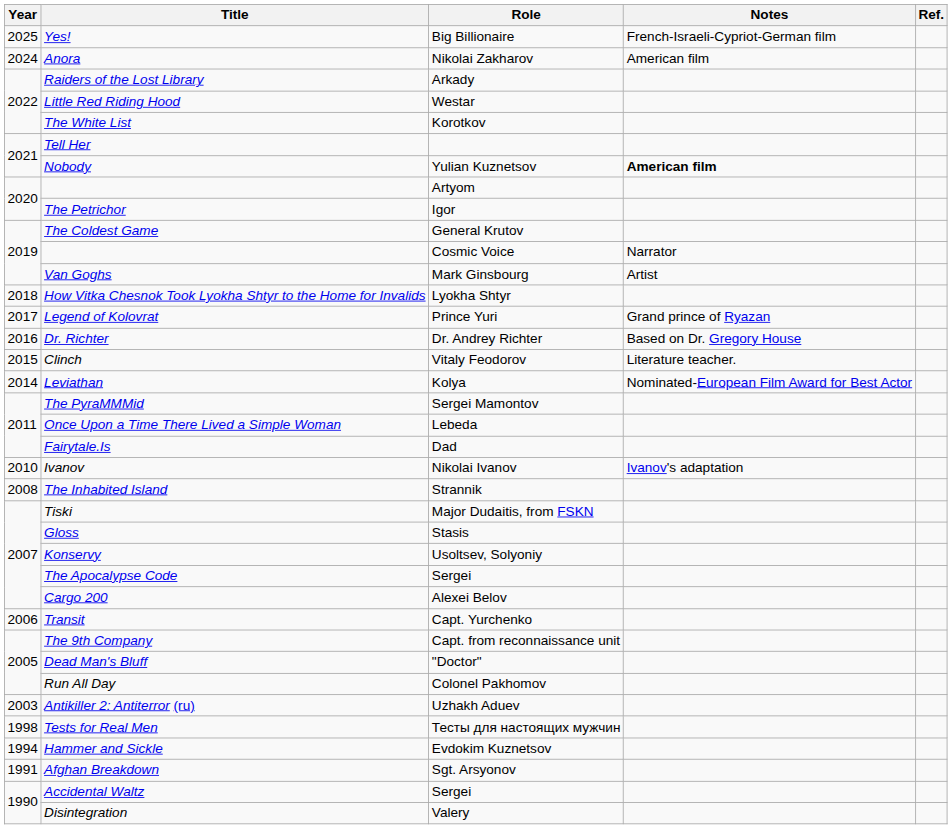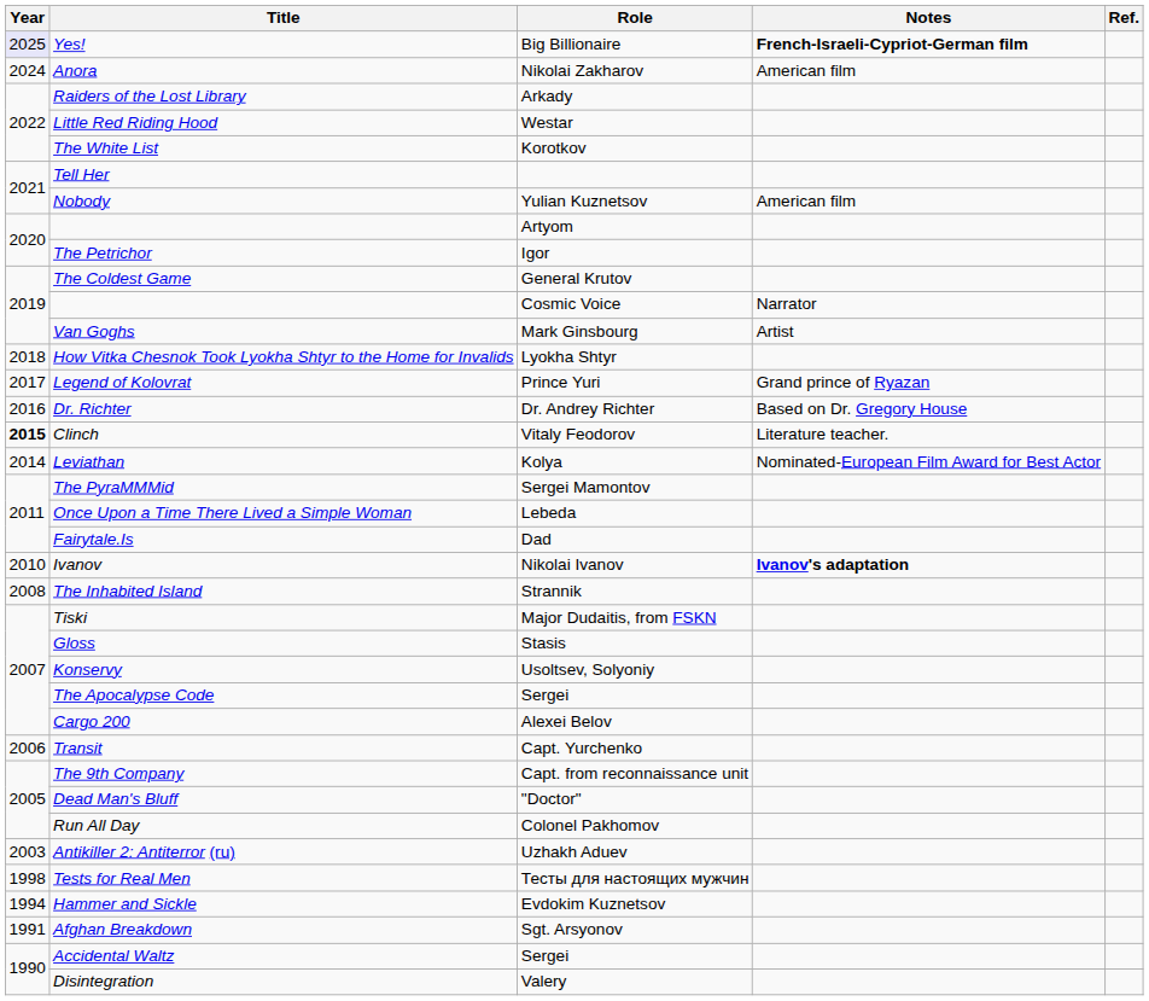 <table class="wikitable sortable">
 <tr>
 <th>Year</th>
 <th>Title</th>
 <th>Role</th>
 <th class="unsortable">Notes</th>
 <th>Ref.</th>
 </tr>
 <tr>
-<td>2025</td>
+<td style="background: lavender;">2025</td>
 <td><em><a href='#'>Yes!</a></em></td>
 <td>Big Billionaire</td>
-<td>French-Israeli-Cypriot-German film</td>
+<td><strong>French-Israeli-Cypriot-German film</strong></td>
 <td></td>
 </tr>
 <tr>
 <td>2024</td>
 <td><em><a href='#'>Anora</a></em></td>
 <td>Nikolai Zakharov</td>
 <td>American film</td>
 <td></td>
 </tr>
 <tr>
 <td rowspan="3">2022</td>
 <td><em><a href='#'>Raiders of the Lost Library</a></em></td>
 <td>Arkady</td>
 <td></td>
 <td></td>
 </tr>
 <tr>
 <td><em><a href='#'>Little Red Riding Hood</a></em></td>
 <td>Westar</td>
 <td></td>
 <td></td>
 </tr>
 <tr>
 <td><em><a href='#'>The White List</a></em></td>
 <td>Korotkov</td>
 <td></td>
 <td></td>
 </tr>
 <tr>
 <td rowspan="2">2021</td>
 <td><em><a href='#'>Tell Her</a></em></td>
 <td></td>
 <td></td>
 <td></td>
 </tr>
 <tr>
 <td><em><a href='#'>Nobody</a></em></td>
 <td>Yulian Kuznetsov</td>
-<td><strong>American film</strong></td>
+<td>American film</td>
 <td></td>
 </tr>
 <tr>
 <td rowspan="2">2020</td>
 <td><em></em></td>
 <td>Artyom</td>
 <td></td>
 <td></td>
 </tr>
 <tr>
 <td><em><a href='#'>The Petrichor</a></em></td>
 <td>Igor</td>
 <td></td>
 <td></td>
 </tr>
 <tr>
 <td rowspan="3">2019</td>
 <td><em><a href='#'>The Coldest Game</a></em></td>
 <td>General Krutov</td>
 <td></td>
 <td></td>
 </tr>
 <tr>
 <td><em></em></td>
 <td>Cosmic Voice</td>
 <td>Narrator</td>
 <td></td>
 </tr>
 <tr>
 <td><em><a href='#'>Van Goghs</a></em></td>
 <td>Mark Ginsbourg</td>
 <td>Artist</td>
 <td></td>
 </tr>
 <tr>
 <td>2018</td>
 <td><em><a href='#'>How Vitka Chesnok Took Lyokha Shtyr to the Home for Invalids</a></em></td>
 <td>Lyokha Shtyr</td>
 <td></td>
 <td></td>
 </tr>
 <tr>
 <td>2017</td>
 <td><em><a href='#'>Legend of Kolovrat</a></em></td>
 <td>Prince Yuri</td>
 <td>Grand prince of <a href='#'>Ryazan</a></td>
 <td></td>
 </tr>
 <tr>
 <td>2016</td>
 <td><em><a href='#'>Dr. Richter</a></em></td>
 <td>Dr. Andrey Richter</td>
 <td>Based on Dr. <a href='#'>Gregory House</a></td>
 <td></td>
 </tr>
 <tr>
-<td>2015</td>
+<td><strong>2015</strong></td>
 <td><em>Clinch</em></td>
 <td>Vitaly Feodorov</td>
 <td>Literature teacher.</td>
 <td></td>
 </tr>
 <tr>
 <td>2014</td>
 <td><em><a href='#'>Leviathan</a></em></td>
 <td>Kolya</td>
 <td>Nominated-<a href='#'>European Film Award for Best Actor</a></td>
 <td></td>
 </tr>
 <tr>
 <td rowspan="3">2011</td>
 <td><em><a href='#'>The PyraMMMid</a></em></td>
 <td>Sergei Mamontov</td>
 <td></td>
 <td></td>
 </tr>
 <tr>
 <td><em><a href='#'>Once Upon a Time There Lived a Simple Woman</a></em></td>
 <td>Lebeda</td>
 <td></td>
 <td></td>
 </tr>
 <tr>
 <td><em><a href='#'>Fairytale.Is</a></em></td>
 <td>Dad</td>
 <td></td>
 <td></td>
 </tr>
 <tr>
 <td>2010</td>
 <td><em>Ivanov</em></td>
 <td>Nikolai Ivanov</td>
-<td><a href='#'>Ivanov</a>'s adaptation</td>
+<td><strong><a href='#'>Ivanov</a>'s adaptation</strong></td>
 <td></td>
 </tr>
 <tr>
 <td>2008</td>
 <td><em><a href='#'>The Inhabited Island</a></em></td>
 <td>Strannik</td>
 <td></td>
 <td></td>
 </tr>
 <tr>
 <td rowspan="5">2007</td>
 <td><em>Tiski</em></td>
 <td>Major Dudaitis, from <a href='#'>FSKN</a></td>
 <td></td>
 <td></td>
 </tr>
 <tr>
 <td><em><a href='#'>Gloss</a></em></td>
 <td>Stasis</td>
 <td></td>
 <td></td>
 </tr>
 <tr>
 <td><em><a href='#'>Konservy</a></em></td>
 <td>Usoltsev, Solyoniy</td>
 <td></td>
 <td></td>
 </tr>
 <tr>
 <td><em><a href='#'>The Apocalypse Code</a></em></td>
 <td>Sergei</td>
 <td></td>
 <td></td>
 </tr>
 <tr>
 <td><em><a href='#'>Cargo 200</a></em></td>
 <td>Alexei Belov</td>
 <td></td>
 <td></td>
 </tr>
 <tr>
 <td>2006</td>
 <td><em><a href='#'>Transit</a></em></td>
 <td>Capt. Yurchenko</td>
 <td></td>
 <td></td>
 </tr>
 <tr>
 <td rowspan="3">2005</td>
 <td><em><a href='#'>The 9th Company</a></em></td>
 <td>Capt. from reconnaissance unit</td>
 <td></td>
 <td></td>
 </tr>
 <tr>
 <td><em><a href='#'>Dead Man's Bluff</a></em></td>
 <td>"Doctor"</td>
 <td></td>
 <td></td>
 </tr>
 <tr>
 <td><em>Run All Day</em></td>
 <td>Colonel Pakhomov</td>
 <td></td>
 <td></td>
 </tr>
 <tr>
 <td>2003</td>
 <td><em><a href='#'>Antikiller 2: Antiterror</a></em> <a href='#'>(ru)</a></td>
 <td>Uzhakh Aduev</td>
 <td></td>
 <td></td>
 </tr>
 <tr>
 <td>1998</td>
 <td><em><a href='#'>Tests for Real Men</a></em></td>
 <td>Тесты для настоящих мужчин</td>
 <td></td>
 <td></td>
 </tr>
 <tr>
 <td>1994</td>
 <td><em><a href='#'>Hammer and Sickle</a></em></td>
 <td>Evdokim Kuznetsov</td>
 <td></td>
 <td></td>
 </tr>
 <tr>
 <td rowspan="1">1991</td>
 <td><em><a href='#'>Afghan Breakdown</a></em></td>
 <td>Sgt. Arsyonov</td>
 <td></td>
 <td></td>
 </tr>
 <tr>
 <td rowspan="2">1990</td>
 <td><em><a href='#'>Accidental Waltz</a></em></td>
 <td>Sergei</td>
 <td></td>
 <td></td>
 </tr>
 <tr>
 <td><em>Disintegration</em></td>
 <td>Valery</td>
 <td></td>
 <td></td>
 </tr>
 </table>
